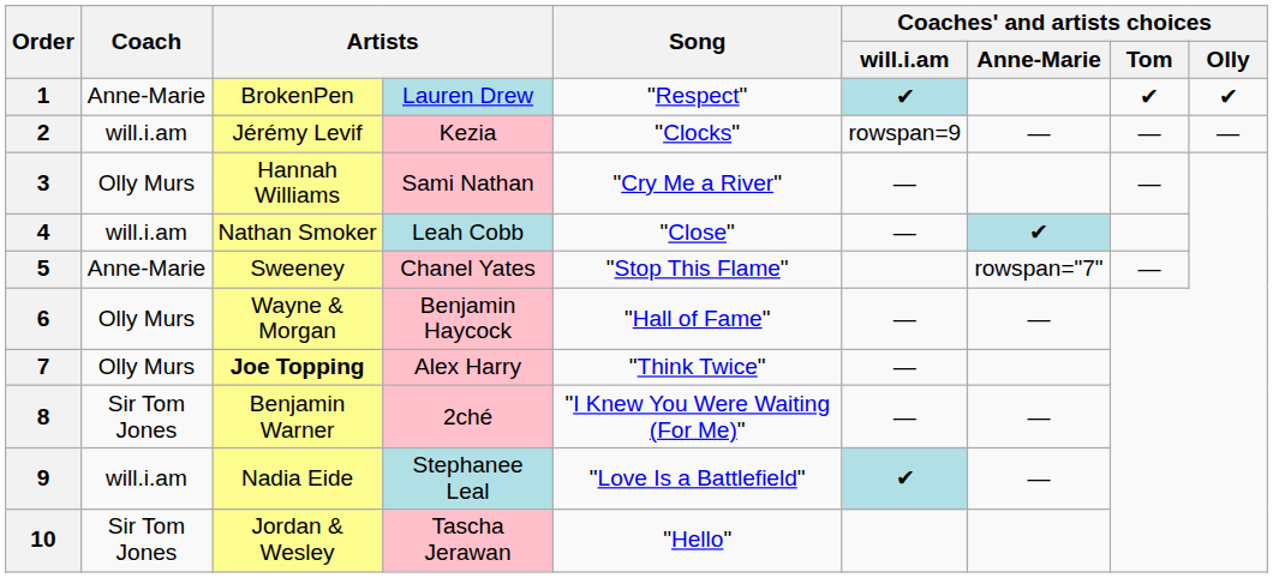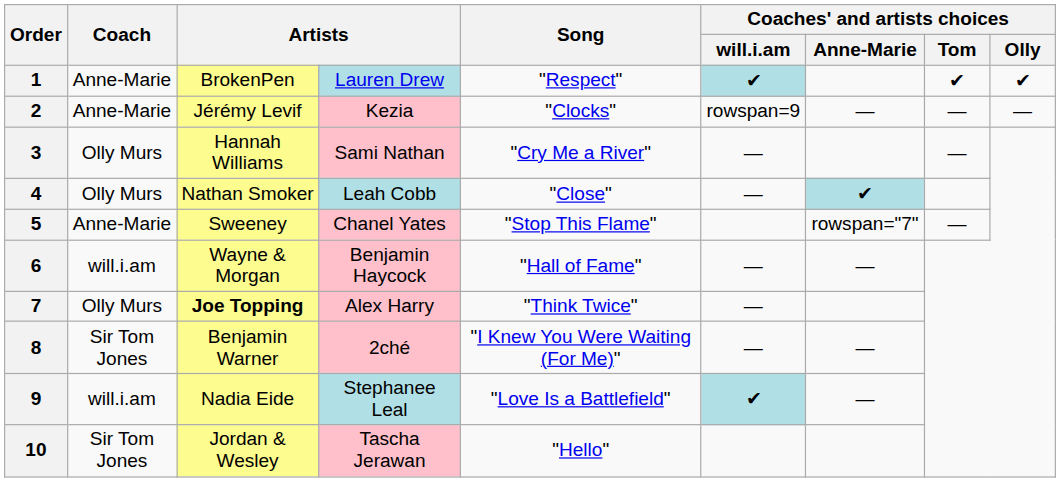 <table class="wikitable" style="text-align:center; width:100%">
 <tr>
 <th scope="col" style="width:05%" rowspan="2">Order</th>
 <th scope="col" style="width:10%" rowspan="2">Coach</th>
 <th scope="col" style="width:26%" colspan="2" rowspan="2">Artists</th>
 <th scope="col" style="width:22%" rowspan="2">Song</th>
 <th scope="col" style="width:24%" colspan="4">Coaches' and artists choices</th>
 </tr>
 <tr>
 <th style="width:06%">will.i.am</th>
 <th style="width:06%">Anne-Marie</th>
 <th style="width:06%">Tom</th>
 <th style="width:06%">Olly</th>
 </tr>
 <tr>
 <th scope="col">1</th>
 <td>Anne-Marie</td>
 <td style="background:#fdfc8f">BrokenPen</td>
 <td style="background:#b0e0e6; width:13%"><a href='#'>Lauren Drew</a></td>
 <td>"<a href='#'>Respect</a>"</td>
 <td style="background:#b0e0e6">✔</td>
 <td></td>
 <td>✔</td>
 <td>✔</td>
 </tr>
 <tr>
 <th scope="col">2</th>
-<td>will.i.am</td>
+<td>Anne-Marie</td>
 <td style="background:#fdfc8f">Jérémy Levif</td>
 <td style="background:pink">Kezia</td>
 <td>"<a href='#'>Clocks</a>"</td>
 <td>rowspan=9 </td>
 <td>—</td>
 <td>—</td>
 <td>—</td>
 </tr>
 <tr>
 <th scope="col">3</th>
 <td>Olly Murs</td>
 <td style="background:#fdfc8f">Hannah Williams</td>
 <td style="background:pink">Sami Nathan</td>
 <td>"<a href='#'>Cry Me a River</a>"</td>
 <td>—</td>
 <td></td>
 <td>—</td>
 </tr>
 <tr>
 <th scope="col">4</th>
-<td>will.i.am</td>
+<td>Olly Murs</td>
 <td style="background:#fdfc8f">Nathan Smoker</td>
 <td style="background:#b0e0e6">Leah Cobb</td>
 <td>"<a href='#'>Close</a>"</td>
 <td>—</td>
 <td style="background:#b0e0e6">✔</td>
 <td></td>
 </tr>
 <tr>
 <th scope="col">5</th>
 <td>Anne-Marie</td>
 <td style="background:#fdfc8f">Sweeney</td>
 <td style="background:pink">Chanel Yates</td>
 <td>"<a href='#'>Stop This Flame</a>"</td>
 <td></td>
 <td>rowspan="7" </td>
 <td>—</td>
 </tr>
 <tr>
 <th scope="col">6</th>
-<td>Olly Murs</td>
+<td>will.i.am</td>
 <td style="background:#fdfc8f; width:13%">Wayne & Morgan</td>
 <td style="background:pink">Benjamin Haycock</td>
 <td>"<a href='#'>Hall of Fame</a>"</td>
 <td>—</td>
 <td>—</td>
 </tr>
 <tr>
 <th scope="col">7</th>
 <td>Olly Murs</td>
 <td style="background:#fdfc8f"><strong>Joe Topping</strong></td>
 <td style="background:pink">Alex Harry</td>
 <td>"<a href='#'>Think Twice</a>"</td>
 <td>—</td>
 <td></td>
 </tr>
 <tr>
 <th scope="col">8</th>
 <td>Sir Tom Jones</td>
 <td style="background:#fdfc8f">Benjamin Warner</td>
 <td style="background:pink">2ché</td>
 <td>"<a href='#'>I Knew You Were Waiting (For Me)</a>"</td>
 <td>—</td>
 <td>—</td>
 </tr>
 <tr>
 <th scope="col">9</th>
 <td>will.i.am</td>
 <td style="background:#fdfc8f">Nadia Eide</td>
 <td style="background:#b0e0e6">Stephanee Leal</td>
 <td>"<a href='#'>Love Is a Battlefield</a>"</td>
 <td style="background:#b0e0e6">✔</td>
 <td>—</td>
 </tr>
 <tr>
 <th scope="col">10</th>
 <td>Sir Tom Jones</td>
 <td style="background:#fdfc8f">Jordan & Wesley</td>
 <td style="background:pink">Tascha Jerawan</td>
 <td>"<a href='#'>Hello</a>"</td>
 <td></td>
 <td></td>
 </tr>
 </table>
